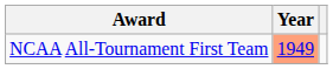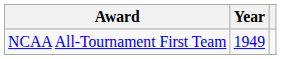 <table class="wikitable">
 <tr>
 <th>Award</th>
 <th>Year</th>
 <th></th>
 </tr>
 <tr>
 <td><a href='#'>NCAA</a> <a href='#'>All-Tournament First Team</a></td>
-<td style="background: lightsalmon;"><a href='#'>1949</a></td>
+<td><a href='#'>1949</a></td>
 <td></td>
 </tr>
 <tr>
 </tr>
 </table>
